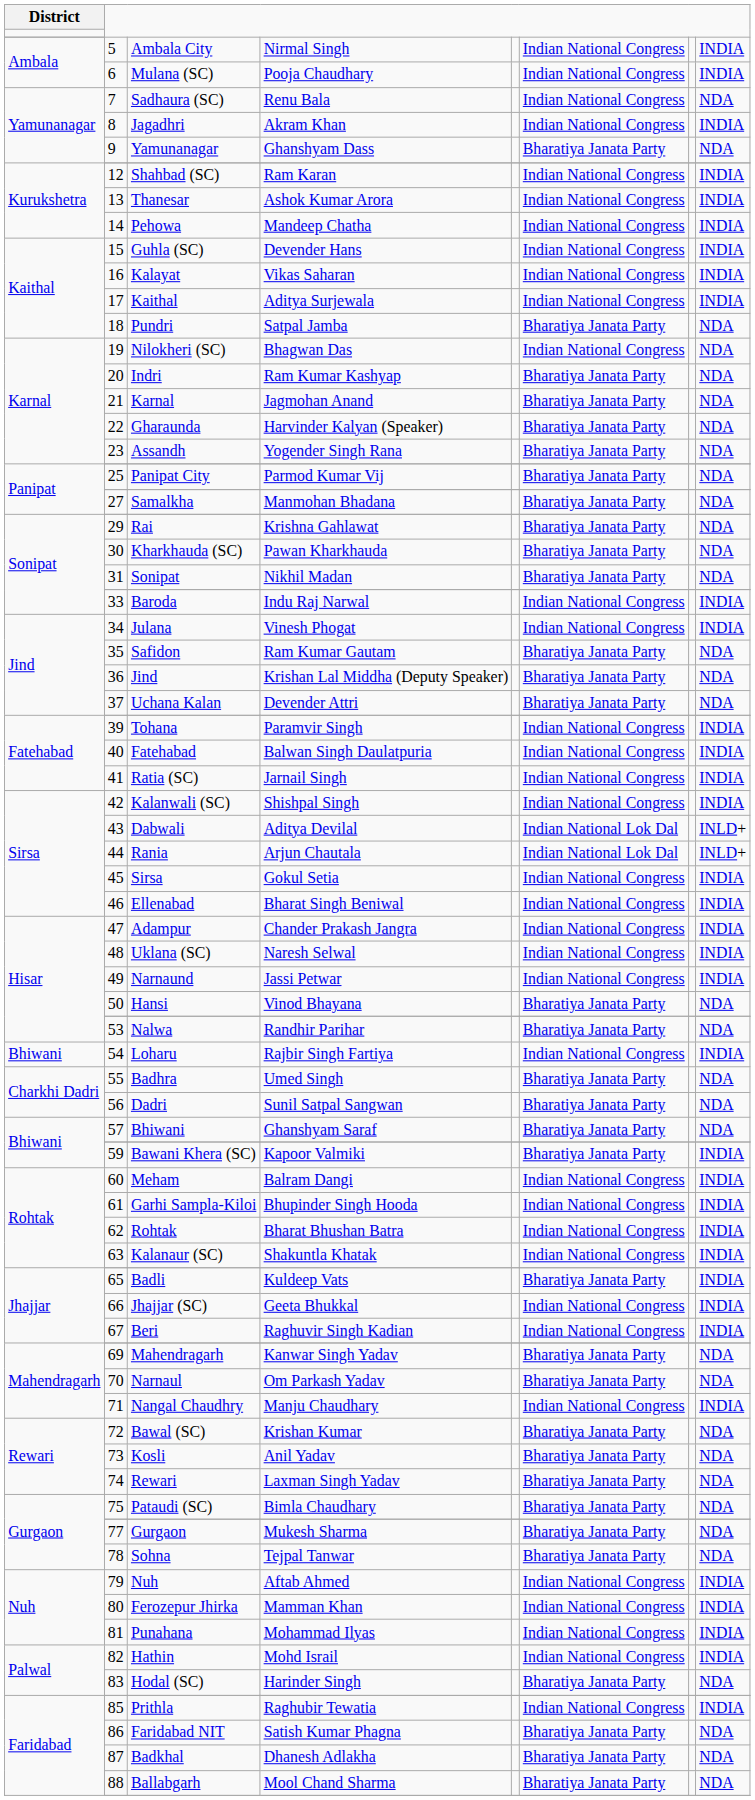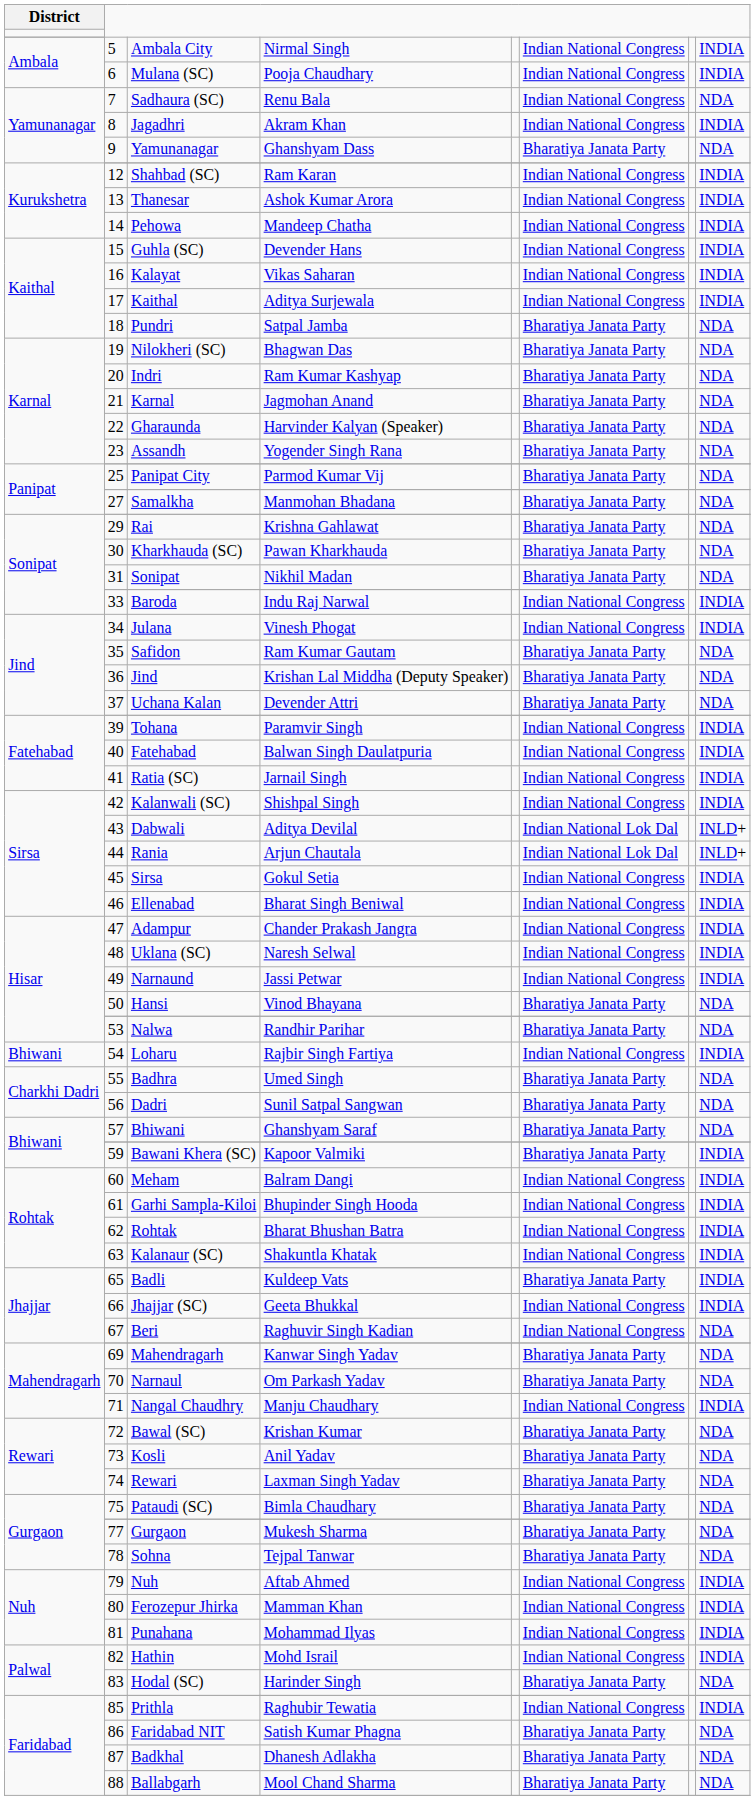 <table class="wikitable sortable" style="text-align:left;">
 <tr>
 <th>District<br></th>
 </tr>
 <tr>
 <td></td>
 </tr>
 <tr>
 </tr>
 <tr>
 <td rowspan="4"><a href='#'>Ambala</a><br></td>
 </tr>
 <tr>
 </tr>
 <tr>
 <td>5</td>
 <td><a href='#'>Ambala City</a></td>
 <td><a href='#'>Nirmal Singh</a></td>
 <td style="background-color: "></td>
 <td><a href='#'>Indian National Congress</a></td>
 <td style="background-color:"></td>
 <td><a href='#'>INDIA</a></td>
 </tr>
 <tr>
 <td>6</td>
 <td><a href='#'>Mulana</a> (SC)</td>
 <td><a href='#'>Pooja Chaudhary</a></td>
 <td style="background-color: "></td>
 <td><a href='#'>Indian National Congress</a></td>
 <td style="background-color:"></td>
 <td><a href='#'>INDIA</a></td>
 </tr>
 <tr>
 <td rowspan="4"><a href='#'>Yamunanagar</a></td>
 <td>7</td>
 <td><a href='#'>Sadhaura</a> (SC)</td>
 <td><a href='#'>Renu Bala</a></td>
 <td style="background-color: "></td>
 <td><a href='#'>Indian National Congress</a></td>
 <td style="background-color:"></td>
 <td><a href='#'>NDA</a></td>
 </tr>
 <tr>
 <td>8</td>
 <td><a href='#'>Jagadhri</a></td>
 <td><a href='#'>Akram Khan</a></td>
 <td style="background-color: "></td>
 <td><a href='#'>Indian National Congress</a></td>
 <td style="background-color:"></td>
 <td><a href='#'>INDIA</a></td>
 </tr>
 <tr>
 <td>9</td>
 <td><a href='#'>Yamunanagar</a></td>
 <td><a href='#'>Ghanshyam Dass</a></td>
 <td style="background-color: "></td>
 <td><a href='#'>Bharatiya Janata Party</a></td>
 <td style="background-color: "></td>
 <td><a href='#'>NDA</a></td>
 </tr>
 <tr>
 </tr>
 <tr>
 <td rowspan="4"><a href='#'>Kurukshetra</a><br></td>
 </tr>
 <tr>
 <td>12</td>
 <td><a href='#'>Shahbad</a> (SC)</td>
 <td><a href='#'>Ram Karan</a></td>
 <td style="background-color: "></td>
 <td><a href='#'>Indian National Congress</a></td>
 <td style="background-color:"></td>
 <td><a href='#'>INDIA</a></td>
 </tr>
 <tr>
 <td>13</td>
 <td><a href='#'>Thanesar</a></td>
 <td><a href='#'>Ashok Kumar Arora</a></td>
 <td style="background-color: "></td>
 <td><a href='#'>Indian National Congress</a></td>
 <td style="background-color:"></td>
 <td><a href='#'>INDIA</a></td>
 </tr>
 <tr>
 <td>14</td>
 <td><a href='#'>Pehowa</a></td>
 <td><a href='#'>Mandeep Chatha</a></td>
 <td style="background-color: "></td>
 <td><a href='#'>Indian National Congress</a></td>
 <td style="background-color:"></td>
 <td><a href='#'>INDIA</a></td>
 </tr>
 <tr>
 <td rowspan="4"><a href='#'>Kaithal</a></td>
 <td>15</td>
 <td><a href='#'>Guhla</a> (SC)</td>
 <td><a href='#'>Devender Hans</a></td>
 <td style="background-color: "></td>
 <td><a href='#'>Indian National Congress</a></td>
 <td style="background-color:"></td>
 <td><a href='#'>INDIA</a></td>
 </tr>
 <tr>
 <td>16</td>
 <td><a href='#'>Kalayat</a></td>
 <td><a href='#'>Vikas Saharan</a></td>
 <td style="background-color: "></td>
 <td><a href='#'>Indian National Congress</a></td>
 <td style="background-color:"></td>
 <td><a href='#'>INDIA</a></td>
 </tr>
 <tr>
 <td>17</td>
 <td><a href='#'>Kaithal</a></td>
 <td><a href='#'>Aditya Surjewala</a></td>
 <td style="background-color: "></td>
 <td><a href='#'>Indian National Congress</a></td>
 <td style="background-color:"></td>
 <td><a href='#'>INDIA</a></td>
 </tr>
 <tr>
 <td>18</td>
 <td><a href='#'>Pundri</a></td>
 <td><a href='#'>Satpal Jamba</a></td>
 <td style="background-color: "></td>
 <td><a href='#'>Bharatiya Janata Party</a></td>
 <td style="background-color: "></td>
 <td><a href='#'>NDA</a></td>
 </tr>
 <tr>
 <td rowspan="5"><a href='#'>Karnal</a></td>
 <td>19</td>
 <td><a href='#'>Nilokheri</a> (SC)</td>
 <td><a href='#'>Bhagwan Das</a></td>
 <td style="background-color: "></td>
-<td><a href='#'>Indian National Congress</a></td>
+<td><a href='#'>Bharatiya Janata Party</a></td>
 <td style="background-color: "></td>
 <td><a href='#'>NDA</a></td>
 </tr>
 <tr>
 <td>20</td>
 <td><a href='#'>Indri</a></td>
 <td><a href='#'>Ram Kumar Kashyap</a></td>
 <td style="background-color: "></td>
 <td><a href='#'>Bharatiya Janata Party</a></td>
 <td style="background-color: "></td>
 <td><a href='#'>NDA</a></td>
 </tr>
 <tr>
 <td>21</td>
 <td><a href='#'>Karnal</a></td>
 <td><a href='#'>Jagmohan Anand</a></td>
 <td style="background-color: "></td>
 <td><a href='#'>Bharatiya Janata Party</a></td>
 <td style="background-color: "></td>
 <td><a href='#'>NDA</a></td>
 </tr>
 <tr>
 <td>22</td>
 <td><a href='#'>Gharaunda</a></td>
 <td><a href='#'>Harvinder Kalyan</a> (Speaker)</td>
 <td style="background-color: "></td>
 <td><a href='#'>Bharatiya Janata Party</a></td>
 <td style="background-color: "></td>
 <td><a href='#'>NDA</a></td>
 </tr>
 <tr>
 <td>23</td>
 <td><a href='#'>Assandh</a></td>
 <td><a href='#'>Yogender Singh Rana</a></td>
 <td style="background-color: "></td>
 <td><a href='#'>Bharatiya Janata Party</a></td>
 <td style="background-color: "></td>
 <td><a href='#'>NDA</a></td>
 </tr>
 <tr>
 <td rowspan="4"><a href='#'>Panipat</a><br></td>
 </tr>
 <tr>
 <td>25</td>
 <td><a href='#'>Panipat City</a></td>
 <td><a href='#'>Parmod Kumar Vij</a></td>
 <td style="background-color: "></td>
 <td><a href='#'>Bharatiya Janata Party</a></td>
 <td style="background-color: "></td>
 <td><a href='#'>NDA</a></td>
 </tr>
 <tr>
 </tr>
 <tr>
 <td>27</td>
 <td><a href='#'>Samalkha</a></td>
 <td><a href='#'>Manmohan Bhadana</a></td>
 <td style="background-color: "></td>
 <td><a href='#'>Bharatiya Janata Party</a></td>
 <td style="background-color: "></td>
 <td><a href='#'>NDA</a></td>
 </tr>
 <tr>
 <td rowspan="6"><a href='#'>Sonipat</a><br></td>
 </tr>
 <tr>
 <td>29</td>
 <td><a href='#'>Rai</a></td>
 <td><a href='#'>Krishna Gahlawat</a></td>
 <td style="background-color: "></td>
 <td><a href='#'>Bharatiya Janata Party</a></td>
 <td style="background-color: "></td>
 <td><a href='#'>NDA</a></td>
 </tr>
 <tr>
 <td>30</td>
 <td><a href='#'>Kharkhauda</a> (SC)</td>
 <td><a href='#'>Pawan Kharkhauda</a></td>
 <td style="background-color: "></td>
 <td><a href='#'>Bharatiya Janata Party</a></td>
 <td style="background-color: "></td>
 <td><a href='#'>NDA</a></td>
 </tr>
 <tr>
 <td>31</td>
 <td><a href='#'>Sonipat</a></td>
 <td><a href='#'>Nikhil Madan</a></td>
 <td style="background-color: "></td>
 <td><a href='#'>Bharatiya Janata Party</a></td>
 <td style="background-color: "></td>
 <td><a href='#'>NDA</a></td>
 </tr>
 <tr>
 </tr>
 <tr>
 <td>33</td>
 <td><a href='#'>Baroda</a></td>
 <td><a href='#'>Indu Raj Narwal</a></td>
 <td style="background-color: "></td>
 <td><a href='#'>Indian National Congress</a></td>
 <td style="background-color:"></td>
 <td><a href='#'>INDIA</a></td>
 </tr>
 <tr>
 <td rowspan="5"><a href='#'>Jind</a></td>
 <td>34</td>
 <td><a href='#'>Julana</a></td>
 <td><a href='#'>Vinesh Phogat</a></td>
 <td style="background-color: "></td>
 <td><a href='#'>Indian National Congress</a></td>
 <td style="background-color:"></td>
 <td><a href='#'>INDIA</a></td>
 </tr>
 <tr>
 <td>35</td>
 <td><a href='#'>Safidon</a></td>
 <td><a href='#'>Ram Kumar Gautam</a></td>
 <td style="background-color: "></td>
 <td><a href='#'>Bharatiya Janata Party</a></td>
 <td style="background-color: "></td>
 <td><a href='#'>NDA</a></td>
 </tr>
 <tr>
 <td>36</td>
 <td><a href='#'>Jind</a></td>
 <td><a href='#'>Krishan Lal Middha</a> (Deputy Speaker)</td>
 <td style="background-color: "></td>
 <td><a href='#'>Bharatiya Janata Party</a></td>
 <td style="background-color: "></td>
 <td><a href='#'>NDA</a></td>
 </tr>
 <tr>
 <td>37</td>
 <td><a href='#'>Uchana Kalan</a></td>
 <td><a href='#'>Devender Attri</a></td>
 <td style="background-color: "></td>
 <td><a href='#'>Bharatiya Janata Party</a></td>
 <td style="background-color: "></td>
 <td><a href='#'>NDA</a></td>
 </tr>
 <tr>
 </tr>
 <tr>
 <td rowspan="3"><a href='#'>Fatehabad</a></td>
 <td>39</td>
 <td><a href='#'>Tohana</a></td>
 <td><a href='#'>Paramvir Singh</a></td>
 <td style="background-color: "></td>
 <td><a href='#'>Indian National Congress</a></td>
 <td style="background-color:"></td>
 <td><a href='#'>INDIA</a></td>
 </tr>
 <tr>
 <td>40</td>
 <td><a href='#'>Fatehabad</a></td>
 <td><a href='#'>Balwan Singh Daulatpuria</a></td>
 <td style="background-color: "></td>
 <td><a href='#'>Indian National Congress</a></td>
 <td style="background-color:"></td>
 <td><a href='#'>INDIA</a></td>
 </tr>
 <tr>
 <td>41</td>
 <td><a href='#'>Ratia</a> (SC)</td>
 <td><a href='#'>Jarnail Singh</a></td>
 <td style="background-color: "></td>
 <td><a href='#'>Indian National Congress</a></td>
 <td style="background-color:"></td>
 <td><a href='#'>INDIA</a></td>
 </tr>
 <tr>
 <td rowspan="5"><a href='#'>Sirsa</a></td>
 <td>42</td>
 <td><a href='#'>Kalanwali</a> (SC)</td>
 <td><a href='#'>Shishpal Singh</a></td>
 <td style="background-color: "></td>
 <td><a href='#'>Indian National Congress</a></td>
 <td style="background-color:"></td>
 <td><a href='#'>INDIA</a></td>
 </tr>
 <tr>
 <td>43</td>
 <td><a href='#'>Dabwali</a></td>
 <td><a href='#'>Aditya Devilal</a></td>
 <td style="background-color: "></td>
 <td><a href='#'>Indian National Lok Dal</a></td>
 <td style="background-color: "></td>
 <td><a href='#'>INLD</a>+</td>
 </tr>
 <tr>
 <td>44</td>
 <td><a href='#'>Rania</a></td>
 <td><a href='#'>Arjun Chautala</a></td>
 <td style="background-color: "></td>
 <td><a href='#'>Indian National Lok Dal</a></td>
 <td style="background-color: "></td>
 <td><a href='#'>INLD</a>+</td>
 </tr>
 <tr>
 <td>45</td>
 <td><a href='#'>Sirsa</a></td>
 <td><a href='#'>Gokul Setia</a></td>
 <td style="background-color: "></td>
 <td><a href='#'>Indian National Congress</a></td>
 <td style="background-color:"></td>
 <td><a href='#'>INDIA</a></td>
 </tr>
 <tr>
 <td>46</td>
 <td><a href='#'>Ellenabad</a></td>
 <td><a href='#'>Bharat Singh Beniwal</a></td>
 <td style="background-color: "></td>
 <td><a href='#'>Indian National Congress</a></td>
 <td style="background-color:"></td>
 <td><a href='#'>INDIA</a></td>
 </tr>
 <tr>
 <td rowspan="7"><a href='#'>Hisar</a></td>
 <td>47</td>
 <td><a href='#'>Adampur</a></td>
 <td><a href='#'>Chander Prakash Jangra</a></td>
 <td style="background-color: "></td>
 <td><a href='#'>Indian National Congress</a></td>
 <td style="background-color:"></td>
 <td><a href='#'>INDIA</a></td>
 </tr>
 <tr>
 <td>48</td>
 <td><a href='#'>Uklana</a> (SC)</td>
 <td><a href='#'>Naresh Selwal</a></td>
 <td style="background-color: "></td>
 <td><a href='#'>Indian National Congress</a></td>
 <td style="background-color:"></td>
 <td><a href='#'>INDIA</a></td>
 </tr>
 <tr>
 <td>49</td>
 <td><a href='#'>Narnaund</a></td>
 <td><a href='#'>Jassi Petwar</a></td>
 <td style="background-color: "></td>
 <td><a href='#'>Indian National Congress</a></td>
 <td style="background-color:"></td>
 <td><a href='#'>INDIA</a></td>
 </tr>
 <tr>
 <td>50</td>
 <td><a href='#'>Hansi</a></td>
 <td><a href='#'>Vinod Bhayana</a></td>
 <td style="background-color: "></td>
 <td><a href='#'>Bharatiya Janata Party</a></td>
 <td style="background-color: "></td>
 <td><a href='#'>NDA</a></td>
 </tr>
 <tr>
 </tr>
 <tr>
 </tr>
 <tr>
 <td>53</td>
 <td><a href='#'>Nalwa</a></td>
 <td><a href='#'>Randhir Parihar</a></td>
 <td style="background-color: "></td>
 <td><a href='#'>Bharatiya Janata Party</a></td>
 <td style="background-color: "></td>
 <td><a href='#'>NDA</a></td>
 </tr>
 <tr>
 <td><a href='#'>Bhiwani</a></td>
 <td>54</td>
 <td><a href='#'>Loharu</a></td>
 <td><a href='#'>Rajbir Singh Fartiya</a></td>
 <td style="background-color: "></td>
 <td><a href='#'>Indian National Congress</a></td>
 <td style="background-color:"></td>
 <td><a href='#'>INDIA</a></td>
 </tr>
 <tr>
 <td rowspan="2"><a href='#'>Charkhi Dadri</a></td>
 <td>55</td>
 <td><a href='#'>Badhra</a></td>
 <td><a href='#'>Umed Singh</a></td>
 <td style="background-color: "></td>
 <td><a href='#'>Bharatiya Janata Party</a></td>
 <td style="background-color: "></td>
 <td><a href='#'>NDA</a></td>
 </tr>
 <tr>
 <td>56</td>
 <td><a href='#'>Dadri</a></td>
 <td><a href='#'>Sunil Satpal Sangwan</a></td>
 <td style="background-color: "></td>
 <td><a href='#'>Bharatiya Janata Party</a></td>
 <td style="background-color: "></td>
 <td><a href='#'>NDA</a></td>
 </tr>
 <tr>
 <td rowspan="3"><a href='#'>Bhiwani</a></td>
 <td>57</td>
 <td><a href='#'>Bhiwani</a></td>
 <td><a href='#'>Ghanshyam Saraf</a></td>
 <td style="background-color: "></td>
 <td><a href='#'>Bharatiya Janata Party</a></td>
 <td style="background-color: "></td>
 <td><a href='#'>NDA</a></td>
 </tr>
 <tr>
 </tr>
 <tr>
 <td>59</td>
 <td><a href='#'>Bawani Khera</a> (SC)</td>
 <td><a href='#'>Kapoor Valmiki</a></td>
 <td style="background-color: "></td>
 <td><a href='#'>Bharatiya Janata Party</a></td>
 <td style="background-color: "></td>
 <td><a href='#'>INDIA</a></td>
 </tr>
 <tr>
 <td rowspan="4"><a href='#'>Rohtak</a></td>
 <td>60</td>
 <td><a href='#'>Meham</a></td>
 <td><a href='#'>Balram Dangi</a></td>
 <td style="background-color: "></td>
 <td><a href='#'>Indian National Congress</a></td>
 <td style="background-color:"></td>
 <td><a href='#'>INDIA</a></td>
 </tr>
 <tr>
 <td>61</td>
 <td><a href='#'>Garhi Sampla-Kiloi</a></td>
 <td><a href='#'>Bhupinder Singh Hooda</a></td>
 <td style="background-color: "></td>
 <td><a href='#'>Indian National Congress</a></td>
 <td style="background-color:"></td>
 <td><a href='#'>INDIA</a></td>
 </tr>
 <tr>
 <td>62</td>
 <td><a href='#'>Rohtak</a></td>
 <td><a href='#'>Bharat Bhushan Batra</a></td>
 <td style="background-color: "></td>
 <td><a href='#'>Indian National Congress</a></td>
 <td style="background-color:"></td>
 <td><a href='#'>INDIA</a></td>
 </tr>
 <tr>
 <td>63</td>
 <td><a href='#'>Kalanaur</a> (SC)</td>
 <td><a href='#'>Shakuntla Khatak</a></td>
 <td style="background-color: "></td>
 <td><a href='#'>Indian National Congress</a></td>
 <td style="background-color:"></td>
 <td><a href='#'>INDIA</a></td>
 </tr>
 <tr>
 <td rowspan="4"><a href='#'>Jhajjar</a><br></td>
 </tr>
 <tr>
 <td>65</td>
 <td><a href='#'>Badli</a></td>
 <td><a href='#'>Kuldeep Vats</a></td>
 <td style="background-color: "></td>
 <td><a href='#'>Bharatiya Janata Party</a></td>
 <td style="background-color:"></td>
 <td><a href='#'>INDIA</a></td>
 </tr>
 <tr>
 <td>66</td>
 <td><a href='#'>Jhajjar</a> (SC)</td>
 <td><a href='#'>Geeta Bhukkal</a></td>
 <td style="background-color: "></td>
 <td><a href='#'>Indian National Congress</a></td>
 <td style="background-color:"></td>
 <td><a href='#'>INDIA</a></td>
 </tr>
 <tr>
 <td>67</td>
 <td><a href='#'>Beri</a></td>
 <td><a href='#'>Raghuvir Singh Kadian</a></td>
 <td style="background-color: "></td>
 <td><a href='#'>Indian National Congress</a></td>
 <td style="background-color:"></td>
-<td><a href='#'>INDIA</a></td>
+<td><a href='#'>NDA</a></td>
 </tr>
 <tr>
 <td rowspan="4"><a href='#'>Mahendragarh</a><br></td>
 </tr>
 <tr>
 <td>69</td>
 <td><a href='#'>Mahendragarh</a></td>
 <td><a href='#'>Kanwar Singh Yadav</a></td>
 <td style="background-color: "></td>
 <td><a href='#'>Bharatiya Janata Party</a></td>
 <td style="background-color: "></td>
 <td><a href='#'>NDA</a></td>
 </tr>
 <tr>
 <td>70</td>
 <td><a href='#'>Narnaul</a></td>
 <td><a href='#'>Om Parkash Yadav</a></td>
 <td style="background-color: "></td>
 <td><a href='#'>Bharatiya Janata Party</a></td>
 <td style="background-color: "></td>
 <td><a href='#'>NDA</a></td>
 </tr>
 <tr>
 <td>71</td>
 <td><a href='#'>Nangal Chaudhry</a></td>
 <td><a href='#'>Manju Chaudhary</a></td>
 <td style="background-color: "></td>
 <td><a href='#'>Indian National Congress</a></td>
 <td style="background-color:"></td>
 <td><a href='#'>INDIA</a></td>
 </tr>
 <tr>
 <td rowspan="3"><a href='#'>Rewari</a></td>
 <td>72</td>
 <td><a href='#'>Bawal</a> (SC)</td>
 <td><a href='#'>Krishan Kumar</a></td>
 <td style="background-color: "></td>
 <td><a href='#'>Bharatiya Janata Party</a></td>
 <td style="background-color: "></td>
 <td><a href='#'>NDA</a></td>
 </tr>
 <tr>
 <td>73</td>
 <td><a href='#'>Kosli</a></td>
 <td><a href='#'>Anil Yadav</a></td>
 <td style="background-color: "></td>
 <td><a href='#'>Bharatiya Janata Party</a></td>
 <td style="background-color: "></td>
 <td><a href='#'>NDA</a></td>
 </tr>
 <tr>
 <td>74</td>
 <td><a href='#'>Rewari</a></td>
 <td><a href='#'>Laxman Singh Yadav</a></td>
 <td style="background-color: "></td>
 <td><a href='#'>Bharatiya Janata Party</a></td>
 <td style="background-color: "></td>
 <td><a href='#'>NDA</a></td>
 </tr>
 <tr>
 <td rowspan="4"><a href='#'>Gurgaon</a></td>
 <td>75</td>
 <td><a href='#'>Pataudi</a> (SC)</td>
 <td><a href='#'>Bimla Chaudhary</a></td>
 <td style="background-color: "></td>
 <td><a href='#'>Bharatiya Janata Party</a></td>
 <td style="background-color: "></td>
 <td><a href='#'>NDA</a></td>
 </tr>
 <tr>
 </tr>
 <tr>
 <td>77</td>
 <td><a href='#'>Gurgaon</a></td>
 <td><a href='#'>Mukesh Sharma</a></td>
 <td style="background-color: "></td>
 <td><a href='#'>Bharatiya Janata Party</a></td>
 <td style="background-color: "></td>
 <td><a href='#'>NDA</a></td>
 </tr>
 <tr>
 <td>78</td>
 <td><a href='#'>Sohna</a></td>
 <td><a href='#'>Tejpal Tanwar</a></td>
 <td style="background-color: "></td>
 <td><a href='#'>Bharatiya Janata Party</a></td>
 <td style="background-color: "></td>
 <td><a href='#'>NDA</a></td>
 </tr>
 <tr>
 <td rowspan="3"><a href='#'>Nuh</a></td>
 <td>79</td>
 <td><a href='#'>Nuh</a></td>
 <td><a href='#'>Aftab Ahmed</a></td>
 <td style="background-color: "></td>
 <td><a href='#'>Indian National Congress</a></td>
 <td style="background-color:"></td>
 <td><a href='#'>INDIA</a></td>
 </tr>
 <tr>
 <td>80</td>
 <td><a href='#'>Ferozepur Jhirka</a></td>
 <td><a href='#'>Mamman Khan</a></td>
 <td style="background-color: "></td>
 <td><a href='#'>Indian National Congress</a></td>
 <td style="background-color:"></td>
 <td><a href='#'>INDIA</a></td>
 </tr>
 <tr>
 <td>81</td>
 <td><a href='#'>Punahana</a></td>
 <td><a href='#'>Mohammad Ilyas</a></td>
 <td style="background-color: "></td>
 <td><a href='#'>Indian National Congress</a></td>
 <td style="background-color:"></td>
 <td><a href='#'>INDIA</a></td>
 </tr>
 <tr>
 <td rowspan="3"><a href='#'>Palwal</a></td>
 <td>82</td>
 <td><a href='#'>Hathin</a></td>
 <td><a href='#'>Mohd Israil</a></td>
 <td style="background-color: "></td>
 <td><a href='#'>Indian National Congress</a></td>
 <td style="background-color:"></td>
 <td><a href='#'>INDIA</a></td>
 </tr>
 <tr>
 <td>83</td>
 <td><a href='#'>Hodal</a> (SC)</td>
 <td><a href='#'>Harinder Singh</a></td>
 <td style="background-color: "></td>
 <td><a href='#'>Bharatiya Janata Party</a></td>
 <td style="background-color: "></td>
 <td><a href='#'>NDA</a></td>
 </tr>
 <tr>
 </tr>
 <tr>
 <td rowspan="6"><a href='#'>Faridabad</a></td>
 <td>85</td>
 <td><a href='#'>Prithla</a></td>
 <td><a href='#'>Raghubir Tewatia</a></td>
 <td style="background-color: "></td>
 <td><a href='#'>Indian National Congress</a></td>
 <td style="background-color:"></td>
 <td><a href='#'>INDIA</a></td>
 </tr>
 <tr>
 <td>86</td>
 <td><a href='#'>Faridabad NIT</a></td>
 <td><a href='#'>Satish Kumar Phagna</a></td>
 <td style="background-color: "></td>
 <td><a href='#'>Bharatiya Janata Party</a></td>
 <td style="background-color: "></td>
 <td><a href='#'>NDA</a></td>
 </tr>
 <tr>
 <td>87</td>
 <td><a href='#'>Badkhal</a></td>
 <td><a href='#'>Dhanesh Adlakha</a></td>
 <td style="background-color: "></td>
 <td><a href='#'>Bharatiya Janata Party</a></td>
 <td style="background-color: "></td>
 <td><a href='#'>NDA</a></td>
 </tr>
 <tr>
 <td>88</td>
 <td><a href='#'>Ballabgarh</a></td>
 <td><a href='#'>Mool Chand Sharma</a></td>
 <td style="background-color: "></td>
 <td><a href='#'>Bharatiya Janata Party</a></td>
 <td style="background-color: "></td>
 <td><a href='#'>NDA</a></td>
 </tr>
 <tr>
 </tr>
 <tr>
 </tr>
 </table>
